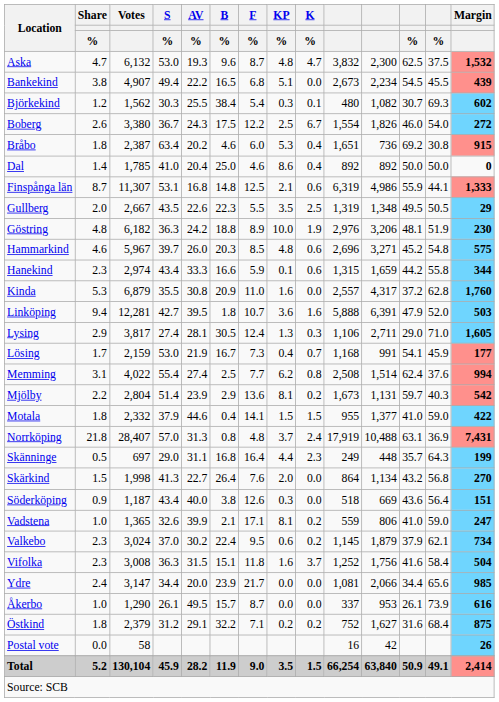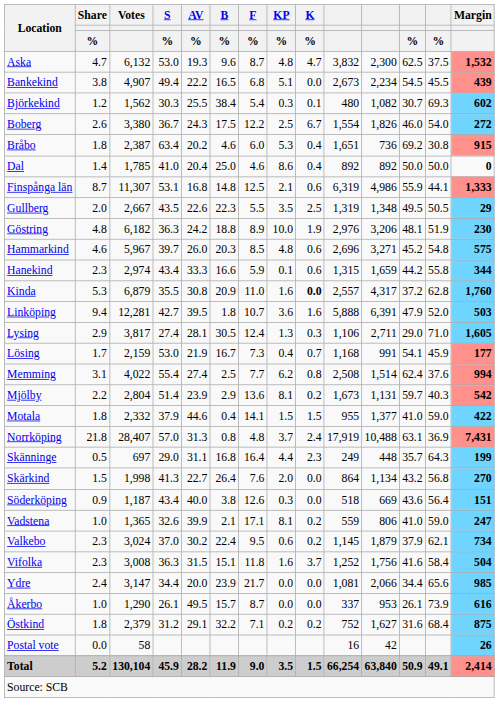 <table class="wikitable sortable" style="text-align:right; font-size:95%; line-height:20px;">
 <tr>
 <th rowspan="3">Location</th>
 <th>Share</th>
 <th>Votes</th>
 <th width="30px" class="unsortable"><a href='#'>S</a></th>
 <th width="30px" class="unsortable"><a href='#'>AV</a></th>
 <th width="30px" class="unsortable"><a href='#'>B</a></th>
 <th width="30px" class="unsortable"><a href='#'>F</a></th>
 <th width="30px" class="unsortable"><a href='#'>KP</a></th>
 <th width="30px" class="unsortable"><a href='#'>K</a></th>
 <th></th>
 <th></th>
 <th></th>
 <th></th>
 <th>Margin</th>
 </tr>
 <tr>
 <th></th>
 <th></th>
 <th style="background:"></th>
 <th style="background:"></th>
 <th style="background:"></th>
 <th style="background:"></th>
 <th style="background:"></th>
 <th style="background:"></th>
 <th style="background:"></th>
 <th style="background:"></th>
 <th style="background:"></th>
 <th style="background:"></th>
 <th></th>
 </tr>
 <tr>
 <th data-sort-type="number">%</th>
 <th></th>
 <th data-sort-type="number">%</th>
 <th data-sort-type="number">%</th>
 <th data-sort-type="number">%</th>
 <th data-sort-type="number">%</th>
 <th data-sort-type="number">%</th>
 <th data-sort-type="number">%</th>
 <th></th>
 <th></th>
 <th data-sort-type="number">%</th>
 <th data-sort-type="number">%</th>
 <th></th>
 </tr>
 <tr>
 <td align=left><a href='#'>Aska</a></td>
 <td>4.7</td>
 <td>6,132</td>
 <td>53.0</td>
 <td>19.3</td>
 <td>9.6</td>
 <td>8.7</td>
 <td>4.8</td>
 <td>4.7</td>
 <td>3,832</td>
 <td>2,300</td>
 <td>62.5</td>
 <td>37.5</td>
 <td bgcolor=#ff908c><strong>1,532</strong></td>
 </tr>
 <tr>
 <td align=left><a href='#'>Bankekind</a></td>
 <td>3.8</td>
 <td>4,907</td>
 <td>49.4</td>
 <td>22.2</td>
 <td>16.5</td>
 <td>6.8</td>
 <td>5.1</td>
 <td>0.0</td>
 <td>2,673</td>
 <td>2,234</td>
 <td>54.5</td>
 <td>45.5</td>
 <td bgcolor=#ff908c><strong>439</strong></td>
 </tr>
 <tr>
 <td align=left><a href='#'>Björkekind</a></td>
 <td>1.2</td>
 <td>1,562</td>
 <td>30.3</td>
 <td>25.5</td>
 <td>38.4</td>
 <td>5.4</td>
 <td>0.3</td>
 <td>0.1</td>
 <td>480</td>
 <td>1,082</td>
 <td>30.7</td>
 <td>69.3</td>
 <td bgcolor=#6fd5fe><strong>602</strong></td>
 </tr>
 <tr>
 <td align=left><a href='#'>Boberg</a></td>
 <td>2.6</td>
 <td>3,380</td>
 <td>36.7</td>
 <td>24.3</td>
 <td>17.5</td>
 <td>12.2</td>
 <td>2.5</td>
 <td>6.7</td>
 <td>1,554</td>
 <td>1,826</td>
 <td>46.0</td>
 <td>54.0</td>
 <td bgcolor=#6fd5fe><strong>272</strong></td>
 </tr>
 <tr>
 <td align=left><a href='#'>Bråbo</a></td>
 <td>1.8</td>
 <td>2,387</td>
 <td>63.4</td>
 <td>20.2</td>
 <td>4.6</td>
 <td>6.0</td>
 <td>5.3</td>
 <td>0.4</td>
 <td>1,651</td>
 <td>736</td>
 <td>69.2</td>
 <td>30.8</td>
 <td bgcolor=#ff908c><strong>915</strong></td>
 </tr>
 <tr>
 <td align=left><a href='#'>Dal</a></td>
 <td>1.4</td>
 <td>1,785</td>
 <td>41.0</td>
 <td>20.4</td>
 <td>25.0</td>
 <td>4.6</td>
 <td>8.6</td>
 <td>0.4</td>
 <td>892</td>
 <td>892</td>
 <td>50.0</td>
 <td>50.0</td>
 <td><strong>0</strong></td>
 </tr>
 <tr>
 <td align=left><a href='#'>Finspånga län</a></td>
 <td>8.7</td>
 <td>11,307</td>
 <td>53.1</td>
 <td>16.8</td>
 <td>14.8</td>
 <td>12.5</td>
 <td>2.1</td>
 <td>0.6</td>
 <td>6,319</td>
 <td>4,986</td>
 <td>55.9</td>
 <td>44.1</td>
 <td bgcolor=#ff908c><strong>1,333</strong></td>
 </tr>
 <tr>
 <td align=left><a href='#'>Gullberg</a></td>
 <td>2.0</td>
 <td>2,667</td>
 <td>43.5</td>
 <td>22.6</td>
 <td>22.3</td>
 <td>5.5</td>
 <td>3.5</td>
 <td>2.5</td>
 <td>1,319</td>
 <td>1,348</td>
 <td>49.5</td>
 <td>50.5</td>
 <td bgcolor=#6fd5fe><strong>29</strong></td>
 </tr>
 <tr>
 <td align=left><a href='#'>Göstring</a></td>
 <td>4.8</td>
 <td>6,182</td>
 <td>36.3</td>
 <td>24.2</td>
 <td>18.8</td>
 <td>8.9</td>
 <td>10.0</td>
 <td>1.9</td>
 <td>2,976</td>
 <td>3,206</td>
 <td>48.1</td>
 <td>51.9</td>
 <td bgcolor=#6fd5fe><strong>230</strong></td>
 </tr>
 <tr>
 <td align=left><a href='#'>Hammarkind</a></td>
 <td>4.6</td>
 <td>5,967</td>
 <td>39.7</td>
 <td>26.0</td>
 <td>20.3</td>
 <td>8.5</td>
 <td>4.8</td>
 <td>0.6</td>
 <td>2,696</td>
 <td>3,271</td>
 <td>45.2</td>
 <td>54.8</td>
 <td bgcolor=#6fd5fe><strong>575</strong></td>
 </tr>
 <tr>
 <td align=left><a href='#'>Hanekind</a></td>
 <td>2.3</td>
 <td>2,974</td>
 <td>43.4</td>
 <td>33.3</td>
 <td>16.6</td>
 <td>5.9</td>
 <td>0.1</td>
 <td>0.6</td>
 <td>1,315</td>
 <td>1,659</td>
 <td>44.2</td>
 <td>55.8</td>
 <td bgcolor=#6fd5fe><strong>344</strong></td>
 </tr>
 <tr>
 <td align=left><a href='#'>Kinda</a></td>
 <td>5.3</td>
 <td>6,879</td>
 <td>35.5</td>
 <td>30.8</td>
 <td>20.9</td>
 <td>11.0</td>
 <td>1.6</td>
-<td>0.0</td>
+<td><strong>0.0</strong></td>
 <td>2,557</td>
 <td>4,317</td>
 <td>37.2</td>
 <td>62.8</td>
 <td bgcolor=#6fd5fe><strong>1,760</strong></td>
 </tr>
 <tr>
 <td align=left><a href='#'>Linköping</a></td>
 <td>9.4</td>
 <td>12,281</td>
 <td>42.7</td>
 <td>39.5</td>
 <td>1.8</td>
 <td>10.7</td>
 <td>3.6</td>
 <td>1.6</td>
 <td>5,888</td>
 <td>6,391</td>
 <td>47.9</td>
 <td>52.0</td>
 <td bgcolor=#6fd5fe><strong>503</strong></td>
 </tr>
 <tr>
 <td align=left><a href='#'>Lysing</a></td>
 <td>2.9</td>
 <td>3,817</td>
 <td>27.4</td>
 <td>28.1</td>
 <td>30.5</td>
 <td>12.4</td>
 <td>1.3</td>
 <td>0.3</td>
 <td>1,106</td>
 <td>2,711</td>
 <td>29.0</td>
 <td>71.0</td>
 <td bgcolor=#6fd5fe><strong>1,605</strong></td>
 </tr>
 <tr>
 <td align=left><a href='#'>Lösing</a></td>
 <td>1.7</td>
 <td>2,159</td>
 <td>53.0</td>
 <td>21.9</td>
 <td>16.7</td>
 <td>7.3</td>
 <td>0.4</td>
 <td>0.7</td>
 <td>1,168</td>
 <td>991</td>
 <td>54.1</td>
 <td>45.9</td>
 <td bgcolor=#ff908c><strong>177</strong></td>
 </tr>
 <tr>
 <td align=left><a href='#'>Memming</a></td>
 <td>3.1</td>
 <td>4,022</td>
 <td>55.4</td>
 <td>27.4</td>
 <td>2.5</td>
 <td>7.7</td>
 <td>6.2</td>
 <td>0.8</td>
 <td>2,508</td>
 <td>1,514</td>
 <td>62.4</td>
 <td>37.6</td>
 <td bgcolor=#ff908c><strong>994</strong></td>
 </tr>
 <tr>
 <td align=left><a href='#'>Mjölby</a></td>
 <td>2.2</td>
 <td>2,804</td>
 <td>51.4</td>
 <td>23.9</td>
 <td>2.9</td>
 <td>13.6</td>
 <td>8.1</td>
 <td>0.2</td>
 <td>1,673</td>
 <td>1,131</td>
 <td>59.7</td>
 <td>40.3</td>
 <td bgcolor=#ff908c><strong>542</strong></td>
 </tr>
 <tr>
 <td align=left><a href='#'>Motala</a></td>
 <td>1.8</td>
 <td>2,332</td>
 <td>37.9</td>
 <td>44.6</td>
 <td>0.4</td>
 <td>14.1</td>
 <td>1.5</td>
 <td>1.5</td>
 <td>955</td>
 <td>1,377</td>
 <td>41.0</td>
 <td>59.0</td>
 <td bgcolor=#6fd5fe><strong>422</strong></td>
 </tr>
 <tr>
 <td align=left><a href='#'>Norrköping</a></td>
 <td>21.8</td>
 <td>28,407</td>
 <td>57.0</td>
 <td>31.3</td>
 <td>0.8</td>
 <td>4.8</td>
 <td>3.7</td>
 <td>2.4</td>
 <td>17,919</td>
 <td>10,488</td>
 <td>63.1</td>
 <td>36.9</td>
 <td bgcolor=#ff908c><strong>7,431</strong></td>
 </tr>
 <tr>
 <td align=left><a href='#'>Skänninge</a></td>
 <td>0.5</td>
 <td>697</td>
 <td>29.0</td>
 <td>31.1</td>
 <td>16.8</td>
 <td>16.4</td>
 <td>4.4</td>
 <td>2.3</td>
 <td>249</td>
 <td>448</td>
 <td>35.7</td>
 <td>64.3</td>
 <td bgcolor=#6fd5fe><strong>199</strong></td>
 </tr>
 <tr>
 <td align=left><a href='#'>Skärkind</a></td>
 <td>1.5</td>
 <td>1,998</td>
 <td>41.3</td>
 <td>22.7</td>
 <td>26.4</td>
 <td>7.6</td>
 <td>2.0</td>
 <td>0.0</td>
 <td>864</td>
 <td>1,134</td>
 <td>43.2</td>
 <td>56.8</td>
 <td bgcolor=#6fd5fe><strong>270</strong></td>
 </tr>
 <tr>
 <td align=left><a href='#'>Söderköping</a></td>
 <td>0.9</td>
 <td>1,187</td>
 <td>43.4</td>
 <td>40.0</td>
 <td>3.8</td>
 <td>12.6</td>
 <td>0.3</td>
 <td>0.0</td>
 <td>518</td>
 <td>669</td>
 <td>43.6</td>
 <td>56.4</td>
 <td bgcolor=#6fd5fe><strong>151</strong></td>
 </tr>
 <tr>
 <td align=left><a href='#'>Vadstena</a></td>
 <td>1.0</td>
 <td>1,365</td>
 <td>32.6</td>
 <td>39.9</td>
 <td>2.1</td>
 <td>17.1</td>
 <td>8.1</td>
 <td>0.2</td>
 <td>559</td>
 <td>806</td>
 <td>41.0</td>
 <td>59.0</td>
 <td bgcolor=#6fd5fe><strong>247</strong></td>
 </tr>
 <tr>
 <td align=left><a href='#'>Valkebo</a></td>
 <td>2.3</td>
 <td>3,024</td>
 <td>37.0</td>
 <td>30.2</td>
 <td>22.4</td>
 <td>9.5</td>
 <td>0.6</td>
 <td>0.2</td>
 <td>1,145</td>
 <td>1,879</td>
 <td>37.9</td>
 <td>62.1</td>
 <td bgcolor=#6fd5fe><strong>734</strong></td>
 </tr>
 <tr>
 <td align=left><a href='#'>Vifolka</a></td>
 <td>2.3</td>
 <td>3,008</td>
 <td>36.3</td>
 <td>31.5</td>
 <td>15.1</td>
 <td>11.8</td>
 <td>1.6</td>
 <td>3.7</td>
 <td>1,252</td>
 <td>1,756</td>
 <td>41.6</td>
 <td>58.4</td>
 <td bgcolor=#6fd5fe><strong>504</strong></td>
 </tr>
 <tr>
 <td align=left><a href='#'>Ydre</a></td>
 <td>2.4</td>
 <td>3,147</td>
 <td>34.4</td>
 <td>20.0</td>
 <td>23.9</td>
 <td>21.7</td>
 <td>0.0</td>
 <td>0.0</td>
 <td>1,081</td>
 <td>2,066</td>
 <td>34.4</td>
 <td>65.6</td>
 <td bgcolor=#6fd5fe><strong>985</strong></td>
 </tr>
 <tr>
 <td align=left><a href='#'>Åkerbo</a></td>
 <td>1.0</td>
 <td>1,290</td>
 <td>26.1</td>
 <td>49.5</td>
 <td>15.7</td>
 <td>8.7</td>
 <td>0.0</td>
 <td>0.0</td>
 <td>337</td>
 <td>953</td>
 <td>26.1</td>
 <td>73.9</td>
 <td bgcolor=#6fd5fe><strong>616</strong></td>
 </tr>
 <tr>
 <td align=left><a href='#'>Östkind</a></td>
 <td>1.8</td>
 <td>2,379</td>
 <td>31.2</td>
 <td>29.1</td>
 <td>32.2</td>
 <td>7.1</td>
 <td>0.2</td>
 <td>0.2</td>
 <td>752</td>
 <td>1,627</td>
 <td>31.6</td>
 <td>68.4</td>
 <td bgcolor=#6fd5fe><strong>875</strong></td>
 </tr>
 <tr>
 <td align=left><a href='#'>Postal vote</a></td>
 <td>0.0</td>
 <td>58</td>
 <td></td>
 <td></td>
 <td></td>
 <td></td>
 <td></td>
 <td></td>
 <td>16</td>
 <td>42</td>
 <td></td>
 <td></td>
 <td bgcolor=#6fd5fe><strong>26</strong></td>
 </tr>
 <tr>
 </tr>
 <tr style="background:#CDCDCD;">
 <td align=left><strong>Total</strong></td>
 <td><strong>5.2</strong></td>
 <td><strong>130,104</strong></td>
 <td><strong>45.9</strong></td>
 <td><strong>28.2</strong></td>
 <td><strong>11.9</strong></td>
 <td><strong>9.0</strong></td>
 <td><strong>3.5</strong></td>
 <td><strong>1.5</strong></td>
 <td><strong>66,254</strong></td>
 <td><strong>63,840</strong></td>
 <td><strong>50.9</strong></td>
 <td><strong>49.1</strong></td>
 <td bgcolor=#ff908c><strong>2,414</strong></td>
 </tr>
 <tr>
 <td align=left colspan=14>Source: SCB </td>
 </tr>
 </table>
